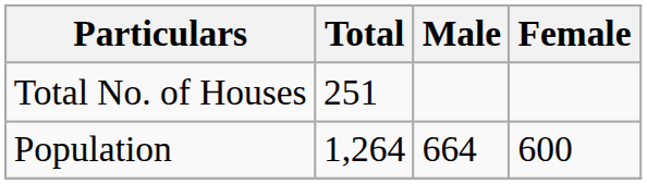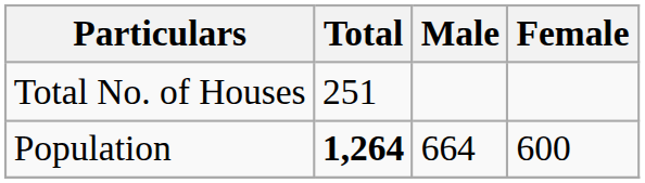 <table class="wikitable sortable">
 <tr>
 <th>Particulars</th>
 <th>Total</th>
 <th>Male</th>
 <th>Female</th>
 </tr>
 <tr>
 <td>Total No. of Houses</td>
 <td>251</td>
 <td></td>
 <td></td>
 </tr>
 <tr>
 <td>Population</td>
-<td>1,264</td>
+<td><strong>1,264</strong></td>
 <td>664</td>
 <td>600</td>
 </tr>
 <tr>
 </tr>
 </table>
